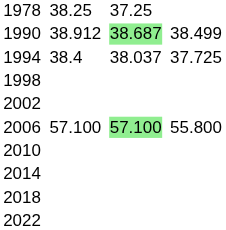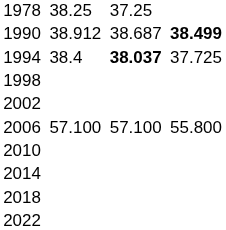 <table>
 <tr>
 <td rowspan=2>1978</td>
 <td rowspan=2></td>
 <td rowspan=2>38.25</td>
 <td></td>
 <td rowspan=2>37.25</td>
 <td rowspan=2></td>
 <td rowspan=2></td>
 </tr>
 <tr>
 <td></td>
 </tr>
 <tr>
 <td>1990</td>
 <td></td>
 <td>38.912</td>
 <td></td>
-<td style="background: lightgreen;">38.687</td>
+<td>38.687</td>
 <td></td>
-<td>38.499</td>
+<td><strong>38.499</strong></td>
 </tr>
 <tr>
 <td>1994</td>
 <td></td>
 <td>38.4</td>
 <td></td>
-<td>38.037</td>
+<td><strong>38.037</strong></td>
 <td></td>
 <td>37.725</td>
 </tr>
 <tr>
 <td>1998</td>
 <td></td>
 <td></td>
 <td></td>
 <td></td>
 <td></td>
 <td></td>
 </tr>
 <tr>
 <td>2002</td>
 <td></td>
 <td></td>
 <td></td>
 <td></td>
 <td></td>
 <td></td>
 </tr>
 <tr>
 <td>2006</td>
 <td></td>
 <td>57.100</td>
 <td></td>
-<td style="background: lightgreen;">57.100</td>
+<td>57.100</td>
 <td></td>
 <td>55.800</td>
 </tr>
 <tr>
 <td>2010<br></td>
 <td></td>
 <td></td>
 <td></td>
 <td></td>
 <td></td>
 <td></td>
 </tr>
 <tr>
 <td>2014<br></td>
 <td></td>
 <td></td>
 <td></td>
 <td></td>
 <td></td>
 <td></td>
 </tr>
 <tr>
 <td>2018<br></td>
 <td></td>
 <td></td>
 <td></td>
 <td></td>
 <td></td>
 <td></td>
 </tr>
 <tr>
 <td>2022<br></td>
 <td></td>
 <td></td>
 <td></td>
 <td></td>
 <td></td>
 <td></td>
 </tr>
 </table>
